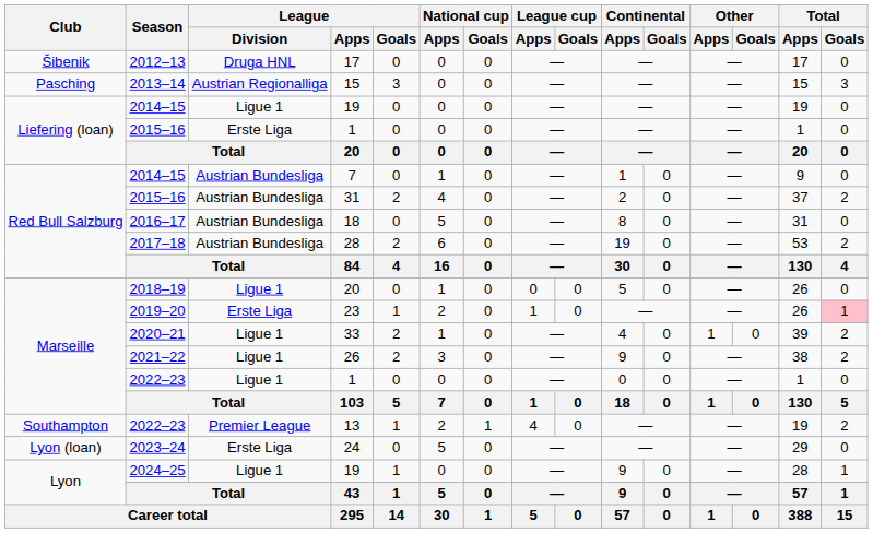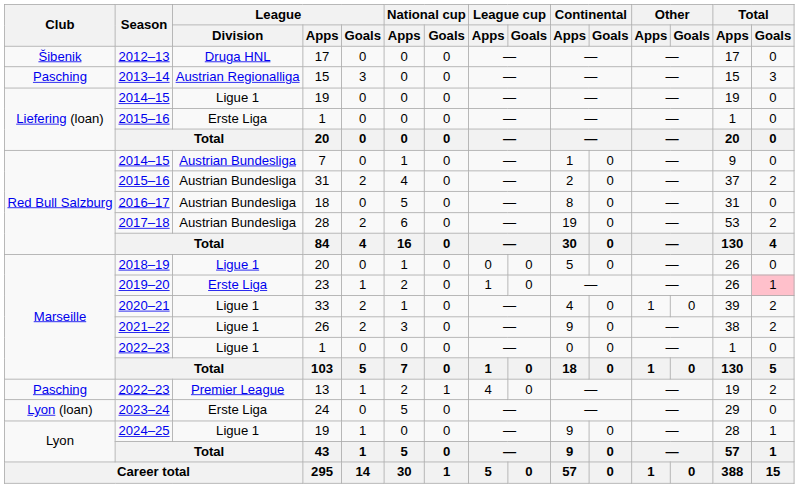 <table class="wikitable" style="text-align: center">
 <tr>
 <th rowspan="2">Club</th>
 <th rowspan="2">Season</th>
 <th colspan="3">League</th>
 <th colspan="2">National cup</th>
 <th colspan="2">League cup</th>
 <th colspan="2">Continental</th>
 <th colspan="2">Other</th>
 <th colspan="2">Total</th>
 </tr>
 <tr>
 <th>Division</th>
 <th>Apps</th>
 <th>Goals</th>
 <th>Apps</th>
 <th>Goals</th>
 <th>Apps</th>
 <th>Goals</th>
 <th>Apps</th>
 <th>Goals</th>
 <th>Apps</th>
 <th>Goals</th>
 <th>Apps</th>
 <th>Goals</th>
 </tr>
 <tr>
 <td><a href='#'>Šibenik</a></td>
 <td><a href='#'>2012–13</a></td>
 <td><a href='#'>Druga HNL</a></td>
 <td>17</td>
 <td>0</td>
 <td>0</td>
 <td>0</td>
 <td colspan="2">—</td>
 <td colspan="2">—</td>
 <td colspan="2">—</td>
 <td>17</td>
 <td>0</td>
 </tr>
 <tr>
 <td><a href='#'>Pasching</a></td>
 <td><a href='#'>2013–14</a></td>
 <td><a href='#'>Austrian Regionalliga</a></td>
 <td>15</td>
 <td>3</td>
 <td>0</td>
 <td>0</td>
 <td colspan="2">—</td>
 <td colspan="2">—</td>
 <td colspan="2">—</td>
 <td>15</td>
 <td>3</td>
 </tr>
 <tr>
 <td rowspan="3"><a href='#'>Liefering</a> (loan)</td>
 <td><a href='#'>2014–15</a></td>
 <td>Ligue 1</td>
 <td>19</td>
 <td>0</td>
 <td>0</td>
 <td>0</td>
 <td colspan="2">—</td>
 <td colspan="2">—</td>
 <td colspan="2">—</td>
 <td>19</td>
 <td>0</td>
 </tr>
 <tr>
 <td><a href='#'>2015–16</a></td>
 <td>Erste Liga</td>
 <td>1</td>
 <td>0</td>
 <td>0</td>
 <td>0</td>
 <td colspan="2">—</td>
 <td colspan="2">—</td>
 <td colspan="2">—</td>
 <td>1</td>
 <td>0</td>
 </tr>
 <tr>
 <th colspan="2">Total</th>
 <th>20</th>
 <th>0</th>
 <th>0</th>
 <th>0</th>
 <th colspan="2">—</th>
 <th colspan="2">—</th>
 <th colspan="2">—</th>
 <th>20</th>
 <th>0</th>
 </tr>
 <tr>
 <td rowspan="5"><a href='#'>Red Bull Salzburg</a></td>
 <td><a href='#'>2014–15</a></td>
 <td><a href='#'>Austrian Bundesliga</a></td>
 <td>7</td>
 <td>0</td>
 <td>1</td>
 <td>0</td>
 <td colspan="2">—</td>
 <td>1</td>
 <td>0</td>
 <td colspan="2">—</td>
 <td>9</td>
 <td>0</td>
 </tr>
 <tr>
 <td><a href='#'>2015–16</a></td>
 <td>Austrian Bundesliga</td>
 <td>31</td>
 <td>2</td>
 <td>4</td>
 <td>0</td>
 <td colspan="2">—</td>
 <td>2</td>
 <td>0</td>
 <td colspan="2">—</td>
 <td>37</td>
 <td>2</td>
 </tr>
 <tr>
 <td><a href='#'>2016–17</a></td>
 <td>Austrian Bundesliga</td>
 <td>18</td>
 <td>0</td>
 <td>5</td>
 <td>0</td>
 <td colspan="2">—</td>
 <td>8</td>
 <td>0</td>
 <td colspan="2">—</td>
 <td>31</td>
 <td>0</td>
 </tr>
 <tr>
 <td><a href='#'>2017–18</a></td>
 <td>Austrian Bundesliga</td>
 <td>28</td>
 <td>2</td>
 <td>6</td>
 <td>0</td>
 <td colspan="2">—</td>
 <td>19</td>
 <td>0</td>
 <td colspan="2">—</td>
 <td>53</td>
 <td>2</td>
 </tr>
 <tr>
 <th colspan="2">Total</th>
 <th>84</th>
 <th>4</th>
 <th>16</th>
 <th>0</th>
 <th colspan="2">—</th>
 <th>30</th>
 <th>0</th>
 <th colspan="2">—</th>
 <th>130</th>
 <th>4</th>
 </tr>
 <tr>
 <td rowspan="6"><a href='#'>Marseille</a></td>
 <td><a href='#'>2018–19</a></td>
 <td><a href='#'>Ligue 1</a></td>
 <td>20</td>
 <td>0</td>
 <td>1</td>
 <td>0</td>
 <td>0</td>
 <td>0</td>
 <td>5</td>
 <td>0</td>
 <td colspan="2">—</td>
 <td>26</td>
 <td>0</td>
 </tr>
 <tr>
 <td><a href='#'>2019–20</a></td>
 <td><a href='#'>Erste Liga</a></td>
 <td>23</td>
 <td>1</td>
 <td>2</td>
 <td>0</td>
 <td>1</td>
 <td>0</td>
 <td colspan="2">—</td>
 <td colspan="2">—</td>
 <td>26</td>
 <td style="background: pink;">1</td>
 </tr>
 <tr>
 <td><a href='#'>2020–21</a></td>
 <td>Ligue 1</td>
 <td>33</td>
 <td>2</td>
 <td>1</td>
 <td>0</td>
 <td colspan="2">—</td>
 <td>4</td>
 <td>0</td>
 <td>1</td>
 <td>0</td>
 <td>39</td>
 <td>2</td>
 </tr>
 <tr>
 <td><a href='#'>2021–22</a></td>
 <td>Ligue 1</td>
 <td>26</td>
 <td>2</td>
 <td>3</td>
 <td>0</td>
 <td colspan="2">—</td>
 <td>9</td>
 <td>0</td>
 <td colspan="2">—</td>
 <td>38</td>
 <td>2</td>
 </tr>
 <tr>
 <td><a href='#'>2022–23</a></td>
 <td>Ligue 1</td>
 <td>1</td>
 <td>0</td>
 <td>0</td>
 <td>0</td>
 <td colspan="2">—</td>
 <td>0</td>
 <td>0</td>
 <td colspan="2">—</td>
 <td>1</td>
 <td>0</td>
 </tr>
 <tr>
 <th colspan="2">Total</th>
 <th>103</th>
 <th>5</th>
 <th>7</th>
 <th>0</th>
 <th>1</th>
 <th>0</th>
 <th>18</th>
 <th>0</th>
 <th>1</th>
 <th>0</th>
 <th>130</th>
 <th>5</th>
 </tr>
 <tr>
-<td><a href='#'>Southampton</a></td>
+<td><a href='#'>Pasching</a></td>
 <td><a href='#'>2022–23</a></td>
 <td><a href='#'>Premier League</a></td>
 <td>13</td>
 <td>1</td>
 <td>2</td>
 <td>1</td>
 <td>4</td>
 <td>0</td>
 <td colspan="2">—</td>
 <td colspan="2">—</td>
 <td>19</td>
 <td>2</td>
 </tr>
 <tr>
 <td><a href='#'>Lyon</a> (loan)</td>
 <td><a href='#'>2023–24</a></td>
 <td>Erste Liga</td>
 <td>24</td>
 <td>0</td>
 <td>5</td>
 <td>0</td>
 <td colspan="2">—</td>
 <td colspan="2">—</td>
 <td colspan="2">—</td>
 <td>29</td>
 <td>0</td>
 </tr>
 <tr>
 <td rowspan="2">Lyon</td>
 <td><a href='#'>2024–25</a></td>
 <td>Ligue 1</td>
 <td>19</td>
 <td>1</td>
 <td>0</td>
 <td>0</td>
 <td colspan="2">—</td>
 <td>9</td>
 <td>0</td>
 <td colspan="2">—</td>
 <td>28</td>
 <td>1</td>
 </tr>
 <tr>
 <th colspan="2">Total</th>
 <th>43</th>
 <th>1</th>
 <th>5</th>
 <th>0</th>
 <th colspan="2">—</th>
 <th>9</th>
 <th>0</th>
 <th colspan="2">—</th>
 <th>57</th>
 <th>1</th>
 </tr>
 <tr>
 <th colspan="3">Career total</th>
 <th>295</th>
 <th>14</th>
 <th>30</th>
 <th>1</th>
 <th>5</th>
 <th>0</th>
 <th>57</th>
 <th>0</th>
 <th>1</th>
 <th>0</th>
 <th>388</th>
 <th>15</th>
 </tr>
 </table>
